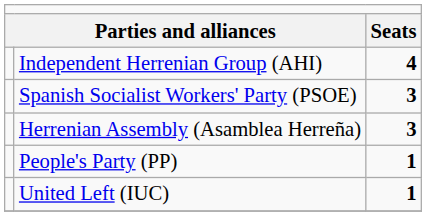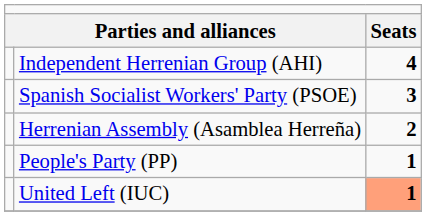 <table class="wikitable" style="text-align:right;">
 <tr>
 <td colspan="7"></td>
 </tr>
 <tr>
 <th colspan="2">Parties and alliances</th>
 <th colspan="2">Seats</th>
 </tr>
 <tr>
 <td style="color:inherit;background:"></td>
 <td align="left"><a href='#'>Independent Herrenian Group</a> (AHI)</td>
 <td><strong>4</strong></td>
 </tr>
 <tr>
 <td style="color:inherit;background:"></td>
 <td align="left"><a href='#'>Spanish Socialist Workers' Party</a> (PSOE)</td>
 <td><strong>3</strong></td>
 </tr>
 <tr>
 <td style="color:inherit;background:"></td>
 <td align="left"><a href='#'>Herrenian Assembly</a> (Asamblea Herreña)</td>
-<td><strong>3</strong></td>
+<td><strong>2</strong></td>
 </tr>
 <tr>
 <td style="color:inherit;background:"></td>
 <td align="left"><a href='#'>People's Party</a> (PP)</td>
 <td><strong>1</strong></td>
 </tr>
 <tr>
 <td style="color:inherit;background:"></td>
 <td align="left"><a href='#'>United Left</a> (IUC)</td>
-<td><strong>1</strong></td>
+<td style="background: lightsalmon;"><strong>1</strong></td>
 </tr>
 <tr>
 </tr>
 </table>
